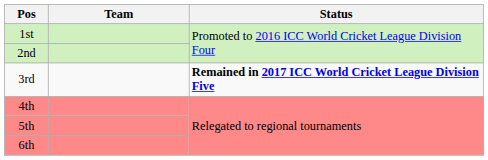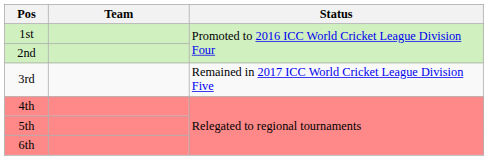 <table class="wikitable">
 <tr>
 <th width=50>Pos</th>
 <th width=175>Team</th>
 <th width=375>Status</th>
 </tr>
 <tr style="background:#D0F0C0">
 <td align="center">1st</td>
 <td></td>
 <td rowspan=2>Promoted to <a href='#'>2016 ICC World Cricket League Division Four</a></td>
 </tr>
 <tr style="background:#D0F0C0">
 <td align="center">2nd</td>
 <td></td>
 </tr>
 <tr>
 <td align="center">3rd</td>
 <td></td>
-<td><strong>Remained in <a href='#'>2017 ICC World Cricket League Division Five</a></strong></td>
+<td>Remained in <a href='#'>2017 ICC World Cricket League Division Five</a></td>
 </tr>
 <tr style="background:#FF8888">
 <td align="center">4th</td>
 <td></td>
 <td rowspan=3>Relegated to regional tournaments</td>
 </tr>
 <tr style="background:#FF8888">
 <td align="center">5th</td>
 <td></td>
 </tr>
 <tr style="background:#FF8888">
 <td align="center">6th</td>
 <td></td>
 </tr>
 </table>
